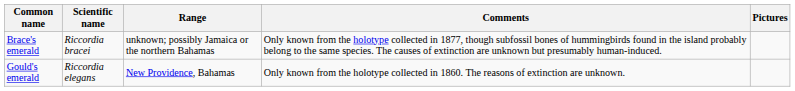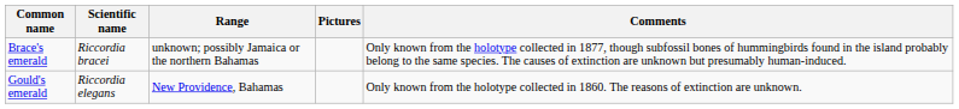 <table class="wikitable">
 <tr>
 <th>Common name</th>
 <th>Scientific name</th>
 <th>Range</th>
+<th class="unsortable">Pictures</th>
 <th class="unsortable">Comments</th>
-<th class="unsortable">Pictures</th>
 </tr>
 <tr>
 <td><a href='#'>Brace's emerald</a></td>
 <td><em>Riccordia bracei</em></td>
 <td>unknown; possibly Jamaica or the northern Bahamas</td>
+<td></td>
 <td>Only known from the <a href='#'>holotype</a> collected in 1877, though subfossil bones of hummingbirds found in the island probably belong to the same species. The causes of extinction are unknown but presumably human-induced.</td>
-<td></td>
 </tr>
 <tr>
 <td><a href='#'>Gould's emerald</a></td>
 <td><em>Riccordia elegans</em></td>
 <td><a href='#'>New Providence</a>, Bahamas</td>
+<td></td>
 <td>Only known from the holotype collected in 1860. The reasons of extinction are unknown.</td>
-<td></td>
 </tr>
 </table>
